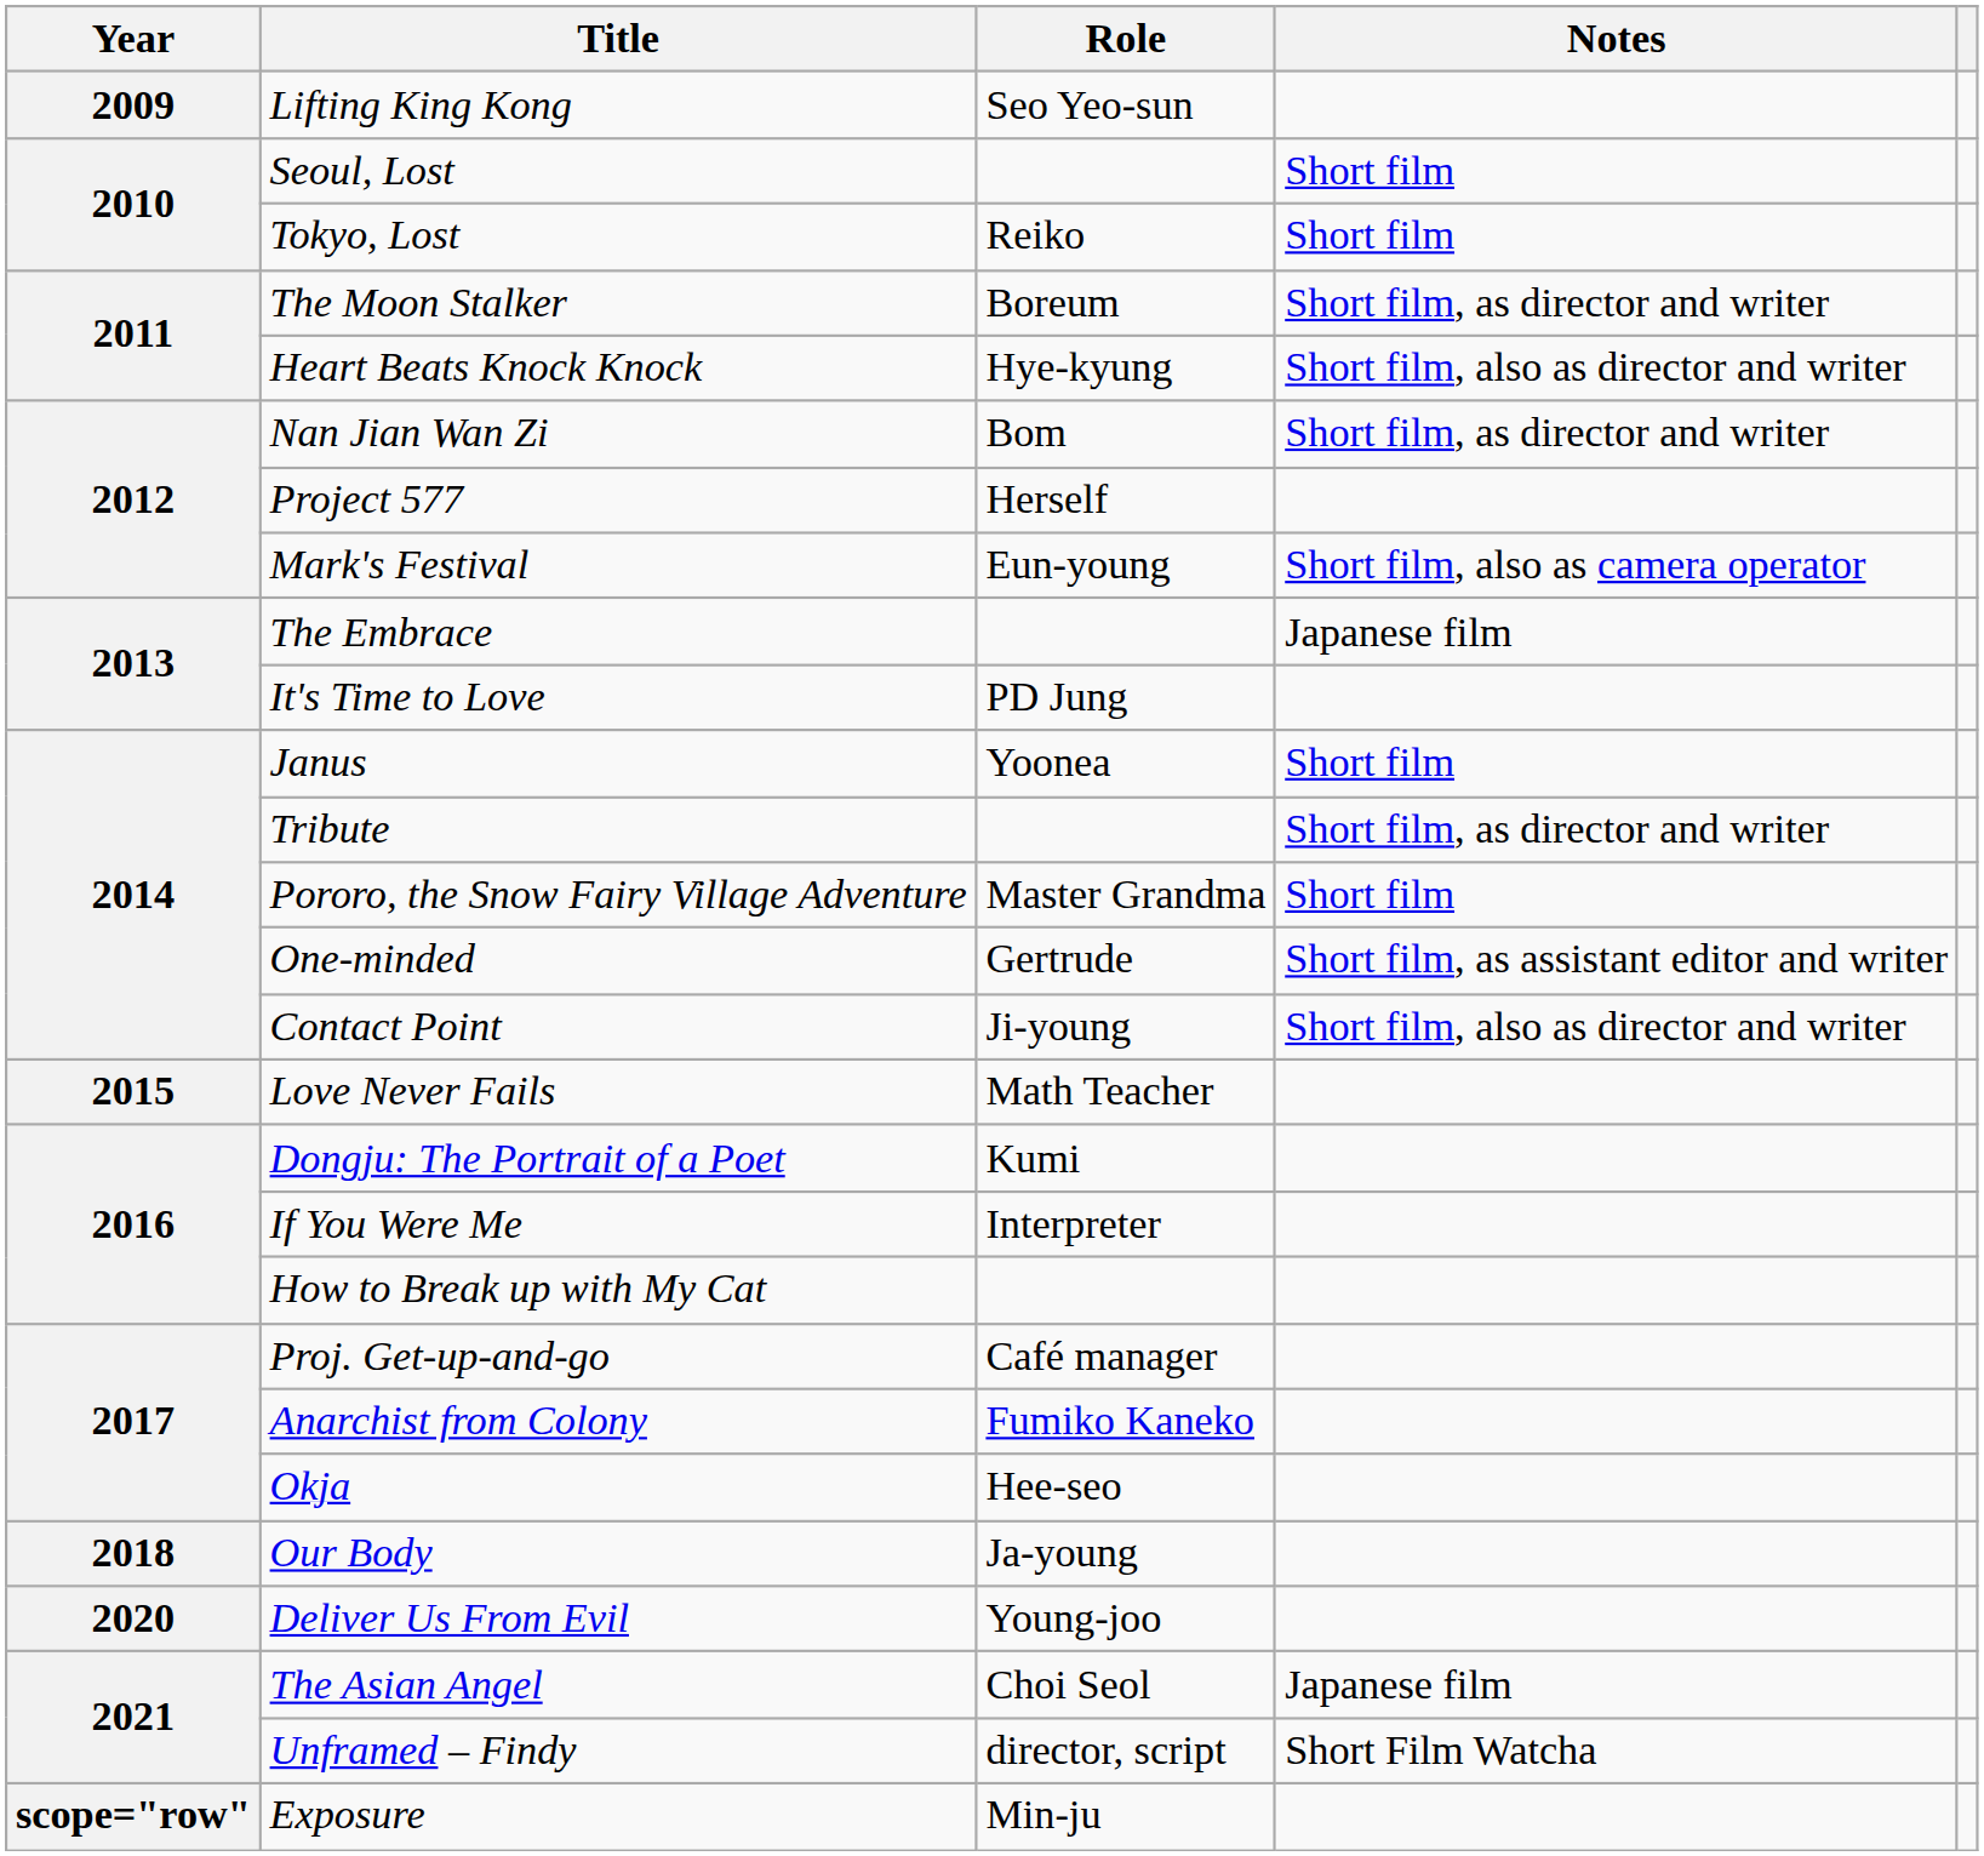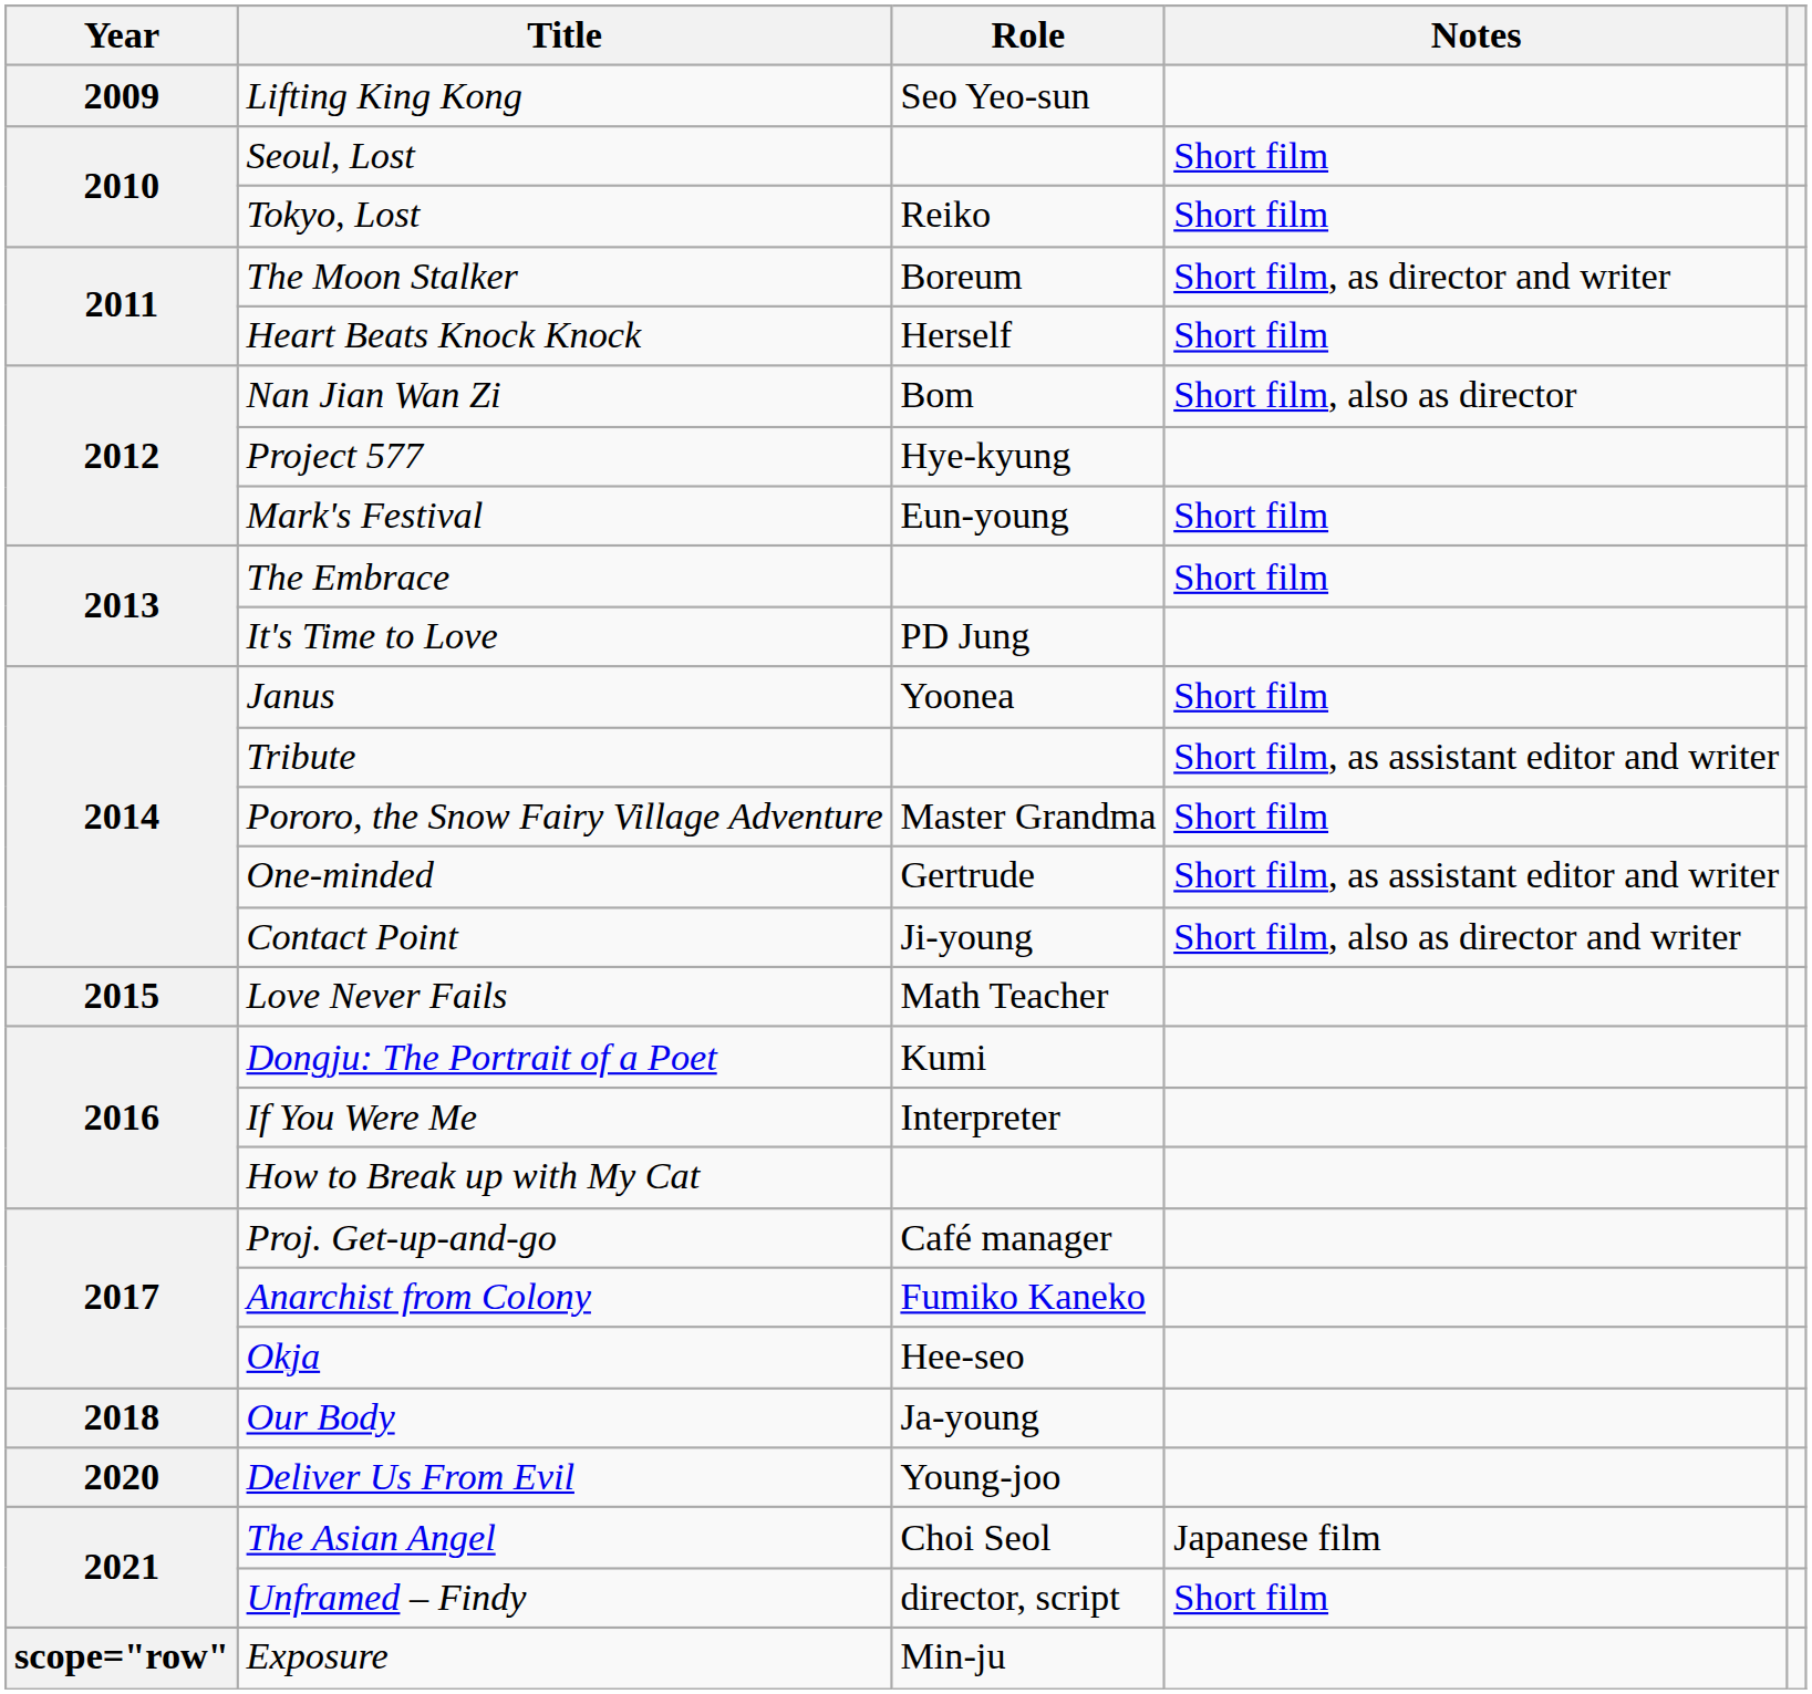 <table class="wikitable plainrowheaders sortable">
 <tr>
 <th>Year</th>
 <th>Title</th>
 <th>Role</th>
 <th>Notes</th>
 <th></th>
 </tr>
 <tr>
 <th scope="row">2009</th>
 <td><em>Lifting King Kong</em></td>
 <td>Seo Yeo-sun</td>
 <td></td>
 <td></td>
 </tr>
 <tr>
 <th scope="row" rowspan=2>2010</th>
 <td><em>Seoul, Lost</em></td>
 <td></td>
 <td><a href='#'>Short film</a></td>
 <td></td>
 </tr>
 <tr>
 <td><em>Tokyo, Lost</em></td>
 <td>Reiko</td>
 <td><a href='#'>Short film</a></td>
 <td></td>
 </tr>
 <tr>
 <th scope="row" rowspan=2>2011</th>
 <td><em>The Moon Stalker</em></td>
 <td>Boreum</td>
 <td><a href='#'>Short film</a>, as director and writer</td>
 <td></td>
 </tr>
 <tr>
 <td><em>Heart Beats Knock Knock</em></td>
-<td>Hye-kyung</td>
-<td><a href='#'>Short film</a>, also as director and writer</td>
+<td>Herself</td>
+<td><a href='#'>Short film</a></td>
 <td></td>
 </tr>
 <tr>
 <th scope="row" rowspan=3>2012</th>
 <td><em>Nan Jian Wan Zi</em></td>
 <td>Bom</td>
-<td><a href='#'>Short film</a>, as director and writer</td>
+<td><a href='#'>Short film</a>, also as director</td>
 <td></td>
 </tr>
 <tr>
 <td><em>Project 577</em></td>
-<td>Herself</td>
+<td>Hye-kyung</td>
 <td></td>
 <td></td>
 </tr>
 <tr>
 <td><em>Mark's Festival</em></td>
 <td>Eun-young</td>
-<td><a href='#'>Short film</a>, also as <a href='#'>camera operator</a></td>
+<td><a href='#'>Short film</a></td>
 <td></td>
 </tr>
 <tr>
 <th scope="row"  rowspan=2>2013</th>
 <td><em>The Embrace</em></td>
 <td></td>
-<td>Japanese film</td>
+<td><a href='#'>Short film</a></td>
 <td></td>
 </tr>
 <tr>
 <td><em>It's Time to Love</em></td>
 <td>PD Jung</td>
 <td></td>
 <td></td>
 </tr>
 <tr>
 <th scope="row"  rowspan=5>2014</th>
 <td><em>Janus</em></td>
 <td>Yoonea</td>
 <td><a href='#'>Short film</a></td>
 <td></td>
 </tr>
 <tr>
 <td><em>Tribute</em></td>
 <td></td>
-<td><a href='#'>Short film</a>, as director and writer</td>
+<td><a href='#'>Short film</a>, as assistant editor and writer</td>
 <td></td>
 </tr>
 <tr>
 <td><em>Pororo, the Snow Fairy Village Adventure</em></td>
 <td>Master Grandma</td>
 <td><a href='#'>Short film</a></td>
 <td></td>
 </tr>
 <tr>
 <td><em>One-minded</em></td>
 <td>Gertrude</td>
 <td><a href='#'>Short film</a>, as assistant editor and writer</td>
 <td></td>
 </tr>
 <tr>
 <td><em>Contact Point</em></td>
 <td>Ji-young</td>
 <td><a href='#'>Short film</a>, also as director and writer</td>
 <td></td>
 </tr>
 <tr>
 <th scope="row">2015</th>
 <td><em>Love Never Fails</em></td>
 <td>Math Teacher</td>
 <td></td>
 <td></td>
 </tr>
 <tr>
 <th scope="row"  rowspan=3>2016</th>
 <td><em><a href='#'>Dongju: The Portrait of a Poet</a></em></td>
 <td>Kumi</td>
 <td></td>
 <td></td>
 </tr>
 <tr>
 <td><em>If You Were Me</em></td>
 <td>Interpreter</td>
 <td></td>
 <td></td>
 </tr>
 <tr>
 <td><em>How to Break up with My Cat</em></td>
 <td></td>
 <td></td>
 <td></td>
 </tr>
 <tr>
 <th scope="row" rowspan=3>2017</th>
 <td><em>Proj. Get-up-and-go</em></td>
 <td>Café manager</td>
 <td></td>
 <td></td>
 </tr>
 <tr>
 <td><em><a href='#'>Anarchist from Colony</a></em></td>
 <td><a href='#'>Fumiko Kaneko</a></td>
 <td></td>
 <td></td>
 </tr>
 <tr>
 <td><em><a href='#'>Okja</a></em></td>
 <td>Hee-seo</td>
 <td></td>
 <td></td>
 </tr>
 <tr>
 <th scope="row" rowspan=1>2018</th>
 <td><em><a href='#'>Our Body</a></em></td>
 <td>Ja-young</td>
 <td></td>
 <td></td>
 </tr>
 <tr>
 <th scope="row">2020</th>
 <td><em><a href='#'>Deliver Us From Evil</a></em></td>
 <td>Young-joo</td>
 <td></td>
 <td></td>
 </tr>
 <tr>
 <th scope="row" rowspan=2>2021</th>
 <td><em><a href='#'>The Asian Angel</a></em></td>
 <td>Choi Seol</td>
 <td>Japanese film</td>
 <td></td>
 </tr>
 <tr>
 <td><em><a href='#'>Unframed</a> – Findy</em></td>
 <td>director, script</td>
-<td>Short Film Watcha </td>
+<td><a href='#'>Short film</a></td>
 <td></td>
 </tr>
 <tr>
 <th>scope="row" </th>
 <td><em>Exposure</em></td>
 <td>Min-ju</td>
 <td></td>
 <td></td>
 </tr>
 </table>
